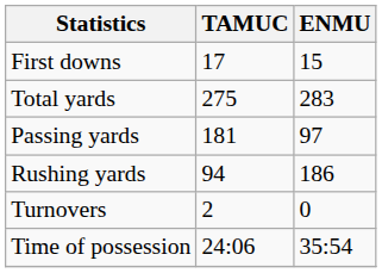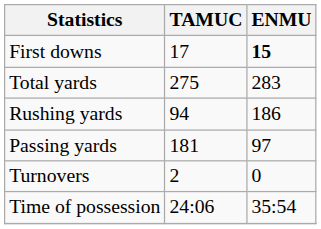 <table class="wikitable">
 <tr>
 <th>Statistics</th>
 <th>TAMUC</th>
 <th>ENMU</th>
 </tr>
 <tr>
 <td>First downs</td>
 <td>17</td>
-<td>15</td>
+<td><strong>15</strong></td>
 </tr>
 <tr>
 <td>Total yards</td>
 <td>275</td>
 <td>283</td>
 </tr>
 <tr>
+<td>Rushing yards</td>
+<td>94</td>
+<td>186</td>
+</tr>
+<tr>
 <td>Passing yards</td>
 <td>181</td>
 <td>97</td>
-</tr>
-<tr>
-<td>Rushing yards</td>
-<td>94</td>
-<td>186</td>
 </tr>
 <tr>
 <td>Turnovers</td>
 <td>2</td>
 <td>0</td>
 </tr>
 <tr>
 <td>Time of possession</td>
 <td>24:06</td>
 <td>35:54</td>
 </tr>
 <tr>
 </tr>
 </table>
